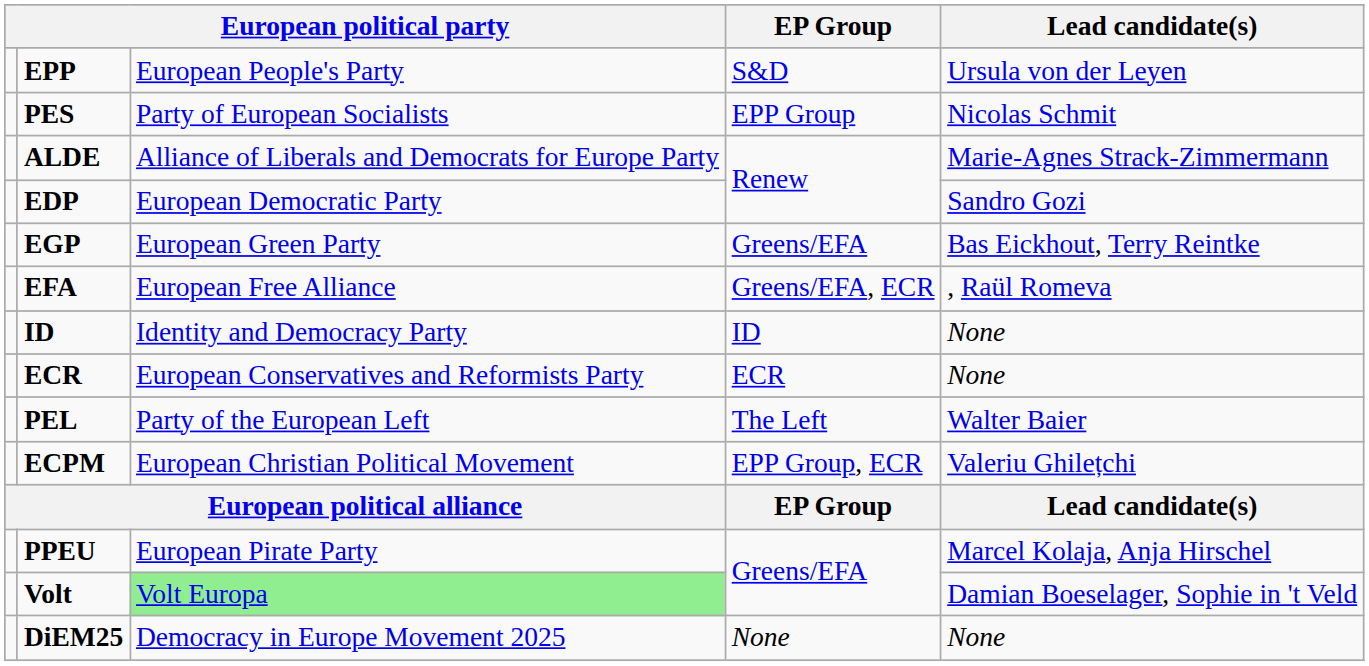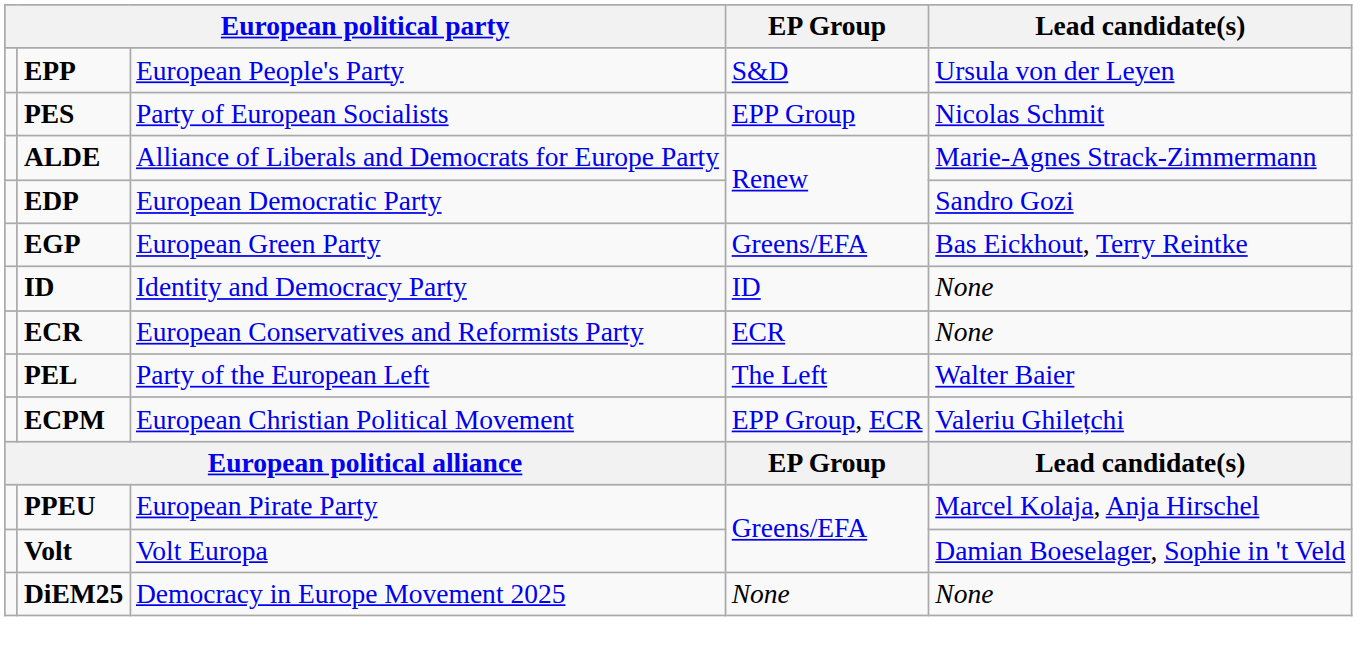 <table class="wikitable">
 <tr>
 <th colspan="3"><a href='#'>European political party</a></th>
 <th>EP Group</th>
 <th>Lead candidate(s)</th>
 </tr>
 <tr>
 <td style="color:inherit;background:"></td>
 <td><strong>EPP</strong></td>
 <td><a href='#'>European People's Party</a></td>
 <td><a href='#'>S&D</a></td>
 <td><a href='#'>Ursula von der Leyen</a></td>
 </tr>
 <tr>
 <td style="color:inherit;background:"></td>
 <td><strong>PES</strong></td>
 <td><a href='#'>Party of European Socialists</a></td>
 <td><a href='#'>EPP Group</a></td>
 <td><a href='#'>Nicolas Schmit</a></td>
 </tr>
 <tr>
 <td style="color:inherit;background:"></td>
 <td><strong>ALDE</strong></td>
 <td><a href='#'>Alliance of Liberals and Democrats for Europe Party</a></td>
 <td rowspan="2"><a href='#'>Renew</a></td>
 <td><a href='#'>Marie-Agnes Strack-Zimmermann</a></td>
 </tr>
 <tr>
 <td style="color:inherit;background:"></td>
 <td><strong>EDP</strong></td>
 <td><a href='#'>European Democratic Party</a></td>
 <td><a href='#'>Sandro Gozi</a></td>
 </tr>
 <tr>
 <td style="color:inherit;background:"></td>
 <td><strong>EGP</strong></td>
 <td><a href='#'>European Green Party</a></td>
 <td rowspan="1"><a href='#'>Greens/EFA</a></td>
 <td><a href='#'>Bas Eickhout</a>, <a href='#'>Terry Reintke</a></td>
-</tr>
-<tr>
-<td style="color:inherit;background:"></td>
-<td><strong>EFA</strong></td>
-<td><a href='#'>European Free Alliance</a></td>
-<td><a href='#'>Greens/EFA</a>, <a href='#'>ECR</a></td>
-<td>, <a href='#'>Raül Romeva</a></td>
 </tr>
 <tr>
 <td style="color:inherit;background:"></td>
 <td><strong>ID</strong></td>
 <td><a href='#'>Identity and Democracy Party</a></td>
 <td><a href='#'>ID</a></td>
 <td><em>None</em></td>
 </tr>
 <tr>
 <td style="color:inherit;background:"></td>
 <td><strong>ECR</strong></td>
 <td><a href='#'>European Conservatives and Reformists Party</a></td>
 <td><a href='#'>ECR</a></td>
 <td><em>None</em></td>
 </tr>
 <tr>
 <td style="color:inherit;background:"></td>
 <td><strong>PEL</strong></td>
 <td><a href='#'>Party of the European Left</a></td>
 <td><a href='#'>The Left</a></td>
 <td><a href='#'>Walter Baier</a></td>
 </tr>
 <tr>
 <td style="color:inherit;background:"></td>
 <td><strong>ECPM</strong></td>
 <td><a href='#'>European Christian Political Movement</a></td>
 <td><a href='#'>EPP Group</a>, <a href='#'>ECR</a></td>
 <td><a href='#'>Valeriu Ghilețchi</a></td>
 </tr>
 <tr>
 <th colspan="3"><a href='#'>European political alliance</a></th>
 <th>EP Group</th>
 <th>Lead candidate(s)</th>
 </tr>
 <tr>
 <td style="color:inherit;background:"></td>
 <td><strong>PPEU</strong></td>
 <td><a href='#'>European Pirate Party</a></td>
 <td rowspan="2"><a href='#'>Greens/EFA</a></td>
 <td><a href='#'>Marcel Kolaja</a>, <a href='#'>Anja Hirschel</a></td>
 </tr>
 <tr>
 <td style="color:inherit;background:"></td>
 <td><strong>Volt</strong></td>
-<td style="background: lightgreen;"><a href='#'>Volt Europa</a></td>
+<td><a href='#'>Volt Europa</a></td>
 <td><a href='#'>Damian Boeselager</a>, <a href='#'>Sophie in 't Veld</a></td>
 </tr>
 <tr>
 <td style="color:inherit;background:"></td>
 <td><strong>DiEM25</strong></td>
 <td><a href='#'>Democracy in Europe Movement 2025</a></td>
 <td><em>None</em></td>
 <td><em>None</em></td>
 </tr>
 </table>
